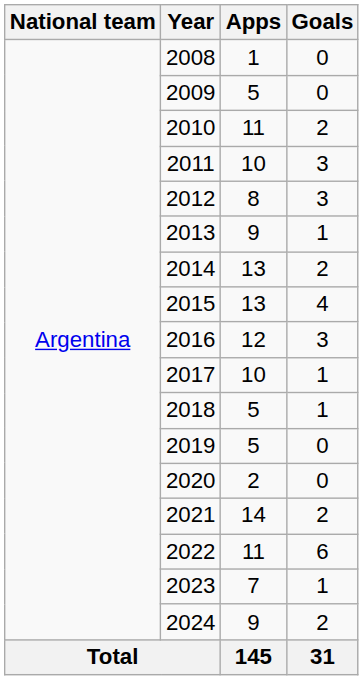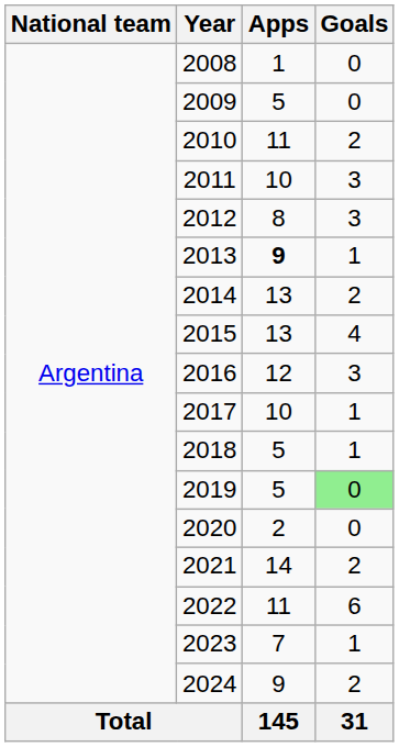 <table class="wikitable" style="text-align: center;">
 <tr>
 <th>National team</th>
 <th>Year</th>
 <th>Apps</th>
 <th>Goals</th>
 </tr>
 <tr>
 <td rowspan="17"><a href='#'>Argentina</a></td>
 <td>2008</td>
 <td>1</td>
 <td>0</td>
 </tr>
 <tr>
 <td>2009</td>
 <td>5</td>
 <td>0</td>
 </tr>
 <tr>
 <td>2010</td>
 <td>11</td>
 <td>2</td>
 </tr>
 <tr>
 <td>2011</td>
 <td>10</td>
 <td>3</td>
 </tr>
 <tr>
 <td>2012</td>
 <td>8</td>
 <td>3</td>
 </tr>
 <tr>
 <td>2013</td>
-<td>9</td>
+<td><strong>9</strong></td>
 <td>1</td>
 </tr>
 <tr>
 <td>2014</td>
 <td>13</td>
 <td>2</td>
 </tr>
 <tr>
 <td>2015</td>
 <td>13</td>
 <td>4</td>
 </tr>
 <tr>
 <td>2016</td>
 <td>12</td>
 <td>3</td>
 </tr>
 <tr>
 <td>2017</td>
 <td>10</td>
 <td>1</td>
 </tr>
 <tr>
 <td>2018</td>
 <td>5</td>
 <td>1</td>
 </tr>
 <tr>
 <td>2019</td>
 <td>5</td>
-<td>0</td>
+<td style="background: lightgreen;">0</td>
 </tr>
 <tr>
 <td>2020</td>
 <td>2</td>
 <td>0</td>
 </tr>
 <tr>
 <td>2021</td>
 <td>14</td>
 <td>2</td>
 </tr>
 <tr>
 <td>2022</td>
 <td>11</td>
 <td>6</td>
 </tr>
 <tr>
 <td>2023</td>
 <td>7</td>
 <td>1</td>
 </tr>
 <tr>
 <td>2024</td>
 <td>9</td>
 <td>2</td>
 </tr>
 <tr>
 <th colspan="2">Total</th>
 <th>145</th>
 <th>31</th>
 </tr>
 </table>
